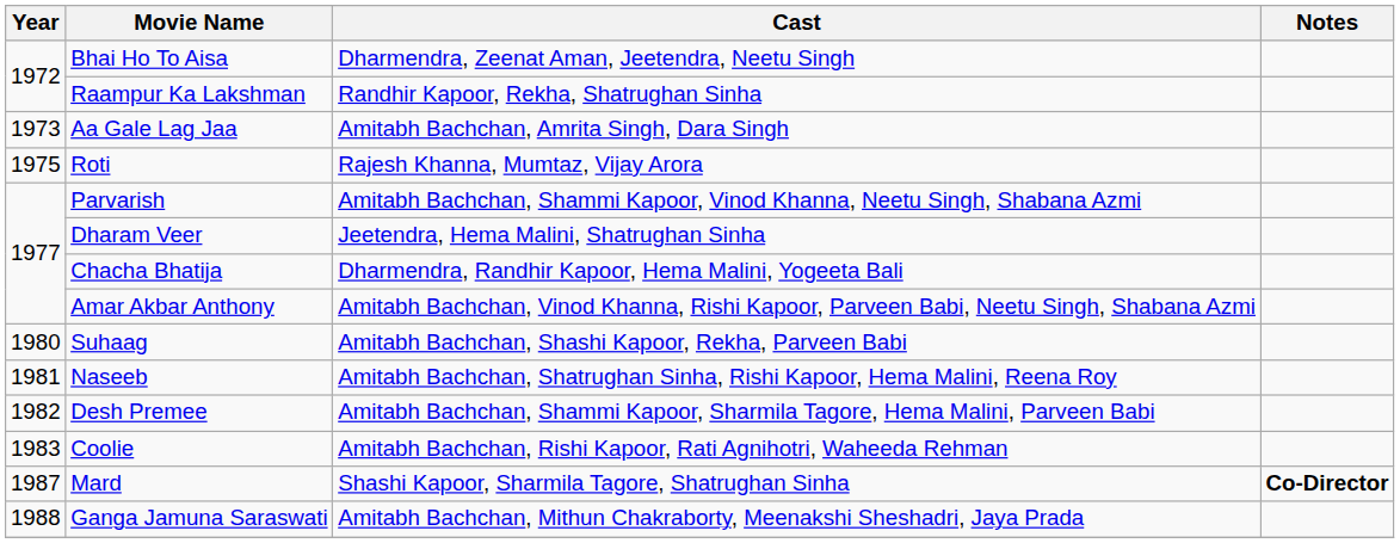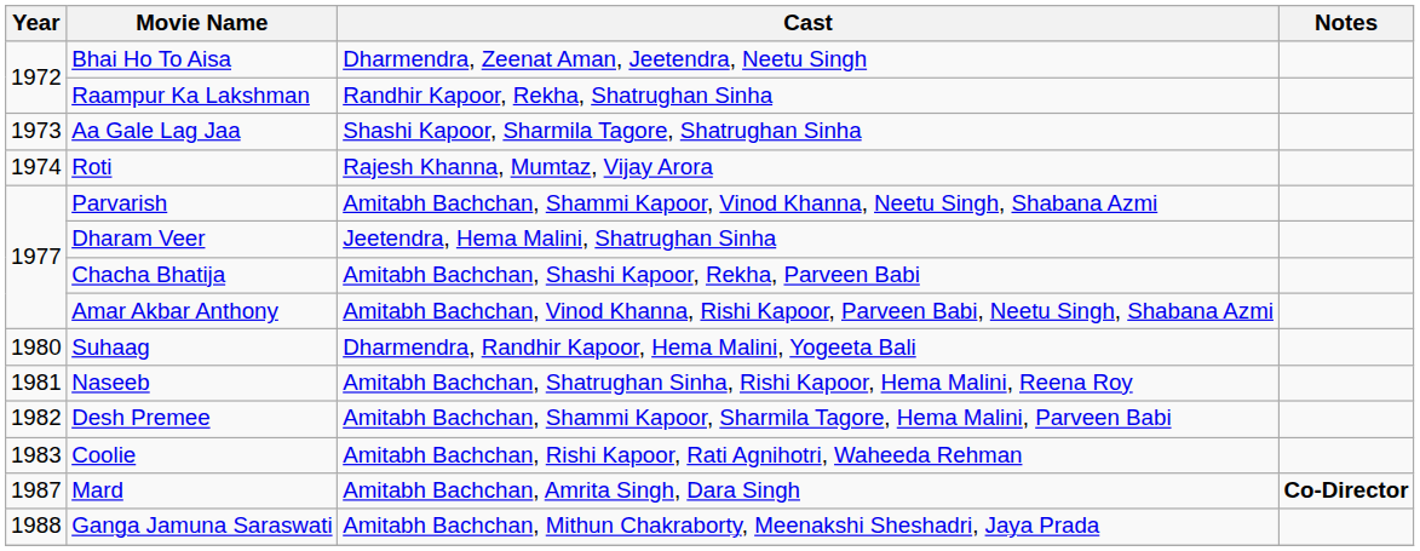 <table class="wikitable sortable">
 <tr style="background:#ccc; align:center,">
 <th>Year</th>
 <th>Movie Name</th>
 <th>Cast</th>
 <th>Notes</th>
 </tr>
 <tr>
 <td rowspan="2">1972</td>
 <td><a href='#'>Bhai Ho To Aisa</a></td>
 <td><a href='#'>Dharmendra</a>, <a href='#'>Zeenat Aman</a>, <a href='#'>Jeetendra</a>, <a href='#'>Neetu Singh</a></td>
 <td></td>
 </tr>
 <tr>
 <td><a href='#'>Raampur Ka Lakshman</a></td>
 <td><a href='#'>Randhir Kapoor</a>, <a href='#'>Rekha</a>, <a href='#'>Shatrughan Sinha</a></td>
 <td></td>
 </tr>
 <tr>
 <td>1973</td>
 <td><a href='#'>Aa Gale Lag Jaa</a></td>
-<td><a href='#'>Amitabh Bachchan</a>, <a href='#'>Amrita Singh</a>, <a href='#'>Dara Singh</a></td>
+<td><a href='#'>Shashi Kapoor</a>, <a href='#'>Sharmila Tagore</a>, <a href='#'>Shatrughan Sinha</a></td>
 <td></td>
 </tr>
 <tr>
-<td>1975</td>
+<td>1974</td>
 <td><a href='#'>Roti</a></td>
 <td><a href='#'>Rajesh Khanna</a>, <a href='#'>Mumtaz</a>, <a href='#'>Vijay Arora</a></td>
 <td></td>
 </tr>
 <tr>
 <td rowspan="4">1977</td>
 <td><a href='#'>Parvarish</a></td>
 <td><a href='#'>Amitabh Bachchan</a>, <a href='#'>Shammi Kapoor</a>, <a href='#'>Vinod Khanna</a>, <a href='#'>Neetu Singh</a>, <a href='#'>Shabana Azmi</a></td>
 <td></td>
 </tr>
 <tr>
 <td><a href='#'>Dharam Veer</a></td>
 <td><a href='#'>Jeetendra</a>, <a href='#'>Hema Malini</a>, <a href='#'>Shatrughan Sinha</a></td>
 <td></td>
 </tr>
 <tr>
 <td><a href='#'>Chacha Bhatija</a></td>
-<td><a href='#'>Dharmendra</a>, <a href='#'>Randhir Kapoor</a>, <a href='#'>Hema Malini</a>, <a href='#'>Yogeeta Bali</a></td>
+<td><a href='#'>Amitabh Bachchan</a>, <a href='#'>Shashi Kapoor</a>, <a href='#'>Rekha</a>, <a href='#'>Parveen Babi</a></td>
 <td></td>
 </tr>
 <tr>
 <td><a href='#'>Amar Akbar Anthony</a></td>
 <td><a href='#'>Amitabh Bachchan</a>, <a href='#'>Vinod Khanna</a>, <a href='#'>Rishi Kapoor</a>, <a href='#'>Parveen Babi</a>, <a href='#'>Neetu Singh</a>, <a href='#'>Shabana Azmi</a></td>
 <td></td>
 </tr>
 <tr>
 <td>1980</td>
 <td><a href='#'>Suhaag</a></td>
-<td><a href='#'>Amitabh Bachchan</a>, <a href='#'>Shashi Kapoor</a>, <a href='#'>Rekha</a>, <a href='#'>Parveen Babi</a></td>
+<td><a href='#'>Dharmendra</a>, <a href='#'>Randhir Kapoor</a>, <a href='#'>Hema Malini</a>, <a href='#'>Yogeeta Bali</a></td>
 <td></td>
 </tr>
 <tr>
 <td>1981</td>
 <td><a href='#'>Naseeb</a></td>
 <td><a href='#'>Amitabh Bachchan</a>, <a href='#'>Shatrughan Sinha</a>, <a href='#'>Rishi Kapoor</a>, <a href='#'>Hema Malini</a>, <a href='#'>Reena Roy</a></td>
 <td></td>
 </tr>
 <tr>
 <td>1982</td>
 <td><a href='#'>Desh Premee</a></td>
 <td><a href='#'>Amitabh Bachchan</a>, <a href='#'>Shammi Kapoor</a>, <a href='#'>Sharmila Tagore</a>, <a href='#'>Hema Malini</a>, <a href='#'>Parveen Babi</a></td>
 <td></td>
 </tr>
 <tr>
 <td>1983</td>
 <td><a href='#'>Coolie</a></td>
 <td><a href='#'>Amitabh Bachchan</a>, <a href='#'>Rishi Kapoor</a>, <a href='#'>Rati Agnihotri</a>, <a href='#'>Waheeda Rehman</a></td>
 <td></td>
 </tr>
 <tr>
 <td>1987</td>
 <td><a href='#'>Mard</a></td>
-<td><a href='#'>Shashi Kapoor</a>, <a href='#'>Sharmila Tagore</a>, <a href='#'>Shatrughan Sinha</a></td>
+<td><a href='#'>Amitabh Bachchan</a>, <a href='#'>Amrita Singh</a>, <a href='#'>Dara Singh</a></td>
 <td><strong>Co-Director</strong></td>
 </tr>
 <tr>
 <td>1988</td>
 <td><a href='#'>Ganga Jamuna Saraswati</a></td>
 <td><a href='#'>Amitabh Bachchan</a>, <a href='#'>Mithun Chakraborty</a>, <a href='#'>Meenakshi Sheshadri</a>, <a href='#'>Jaya Prada</a></td>
 <td></td>
 </tr>
 <tr>
 </tr>
 </table>
